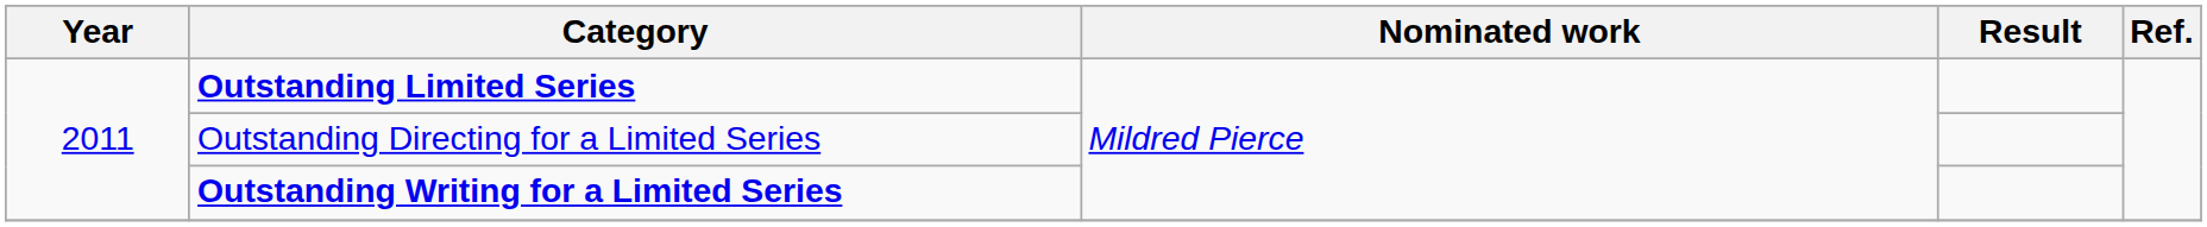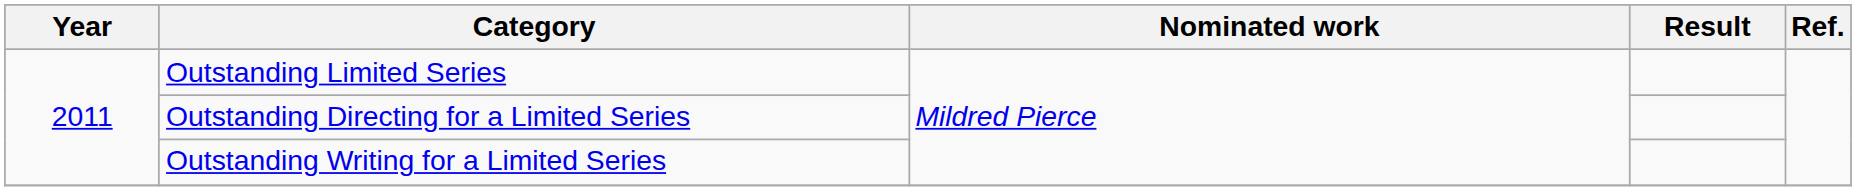 <table class=wikitable>
 <tr>
 <th scope="col" style="width:5em;">Year</th>
 <th scope="col" style="width:26em;">Category</th>
 <th scope="col" style="width:25em;">Nominated work</th>
 <th scope="col" style="width:5em;">Result</th>
 <th>Ref.</th>
 </tr>
 <tr>
 <td style="text-align:center;", rowspan=3><a href='#'>2011</a></td>
-<td><strong><a href='#'>Outstanding Limited Series</a></strong></td>
+<td><a href='#'>Outstanding Limited Series</a></td>
 <td rowspan=3><em><a href='#'>Mildred Pierce</a></em></td>
 <td></td>
 <td rowspan=3></td>
 </tr>
 <tr>
 <td><a href='#'>Outstanding Directing for a Limited Series</a></td>
 <td></td>
 </tr>
 <tr>
-<td><strong><a href='#'>Outstanding Writing for a Limited Series</a></strong></td>
+<td><a href='#'>Outstanding Writing for a Limited Series</a></td>
 <td></td>
 </tr>
 <tr>
 </tr>
 </table>
